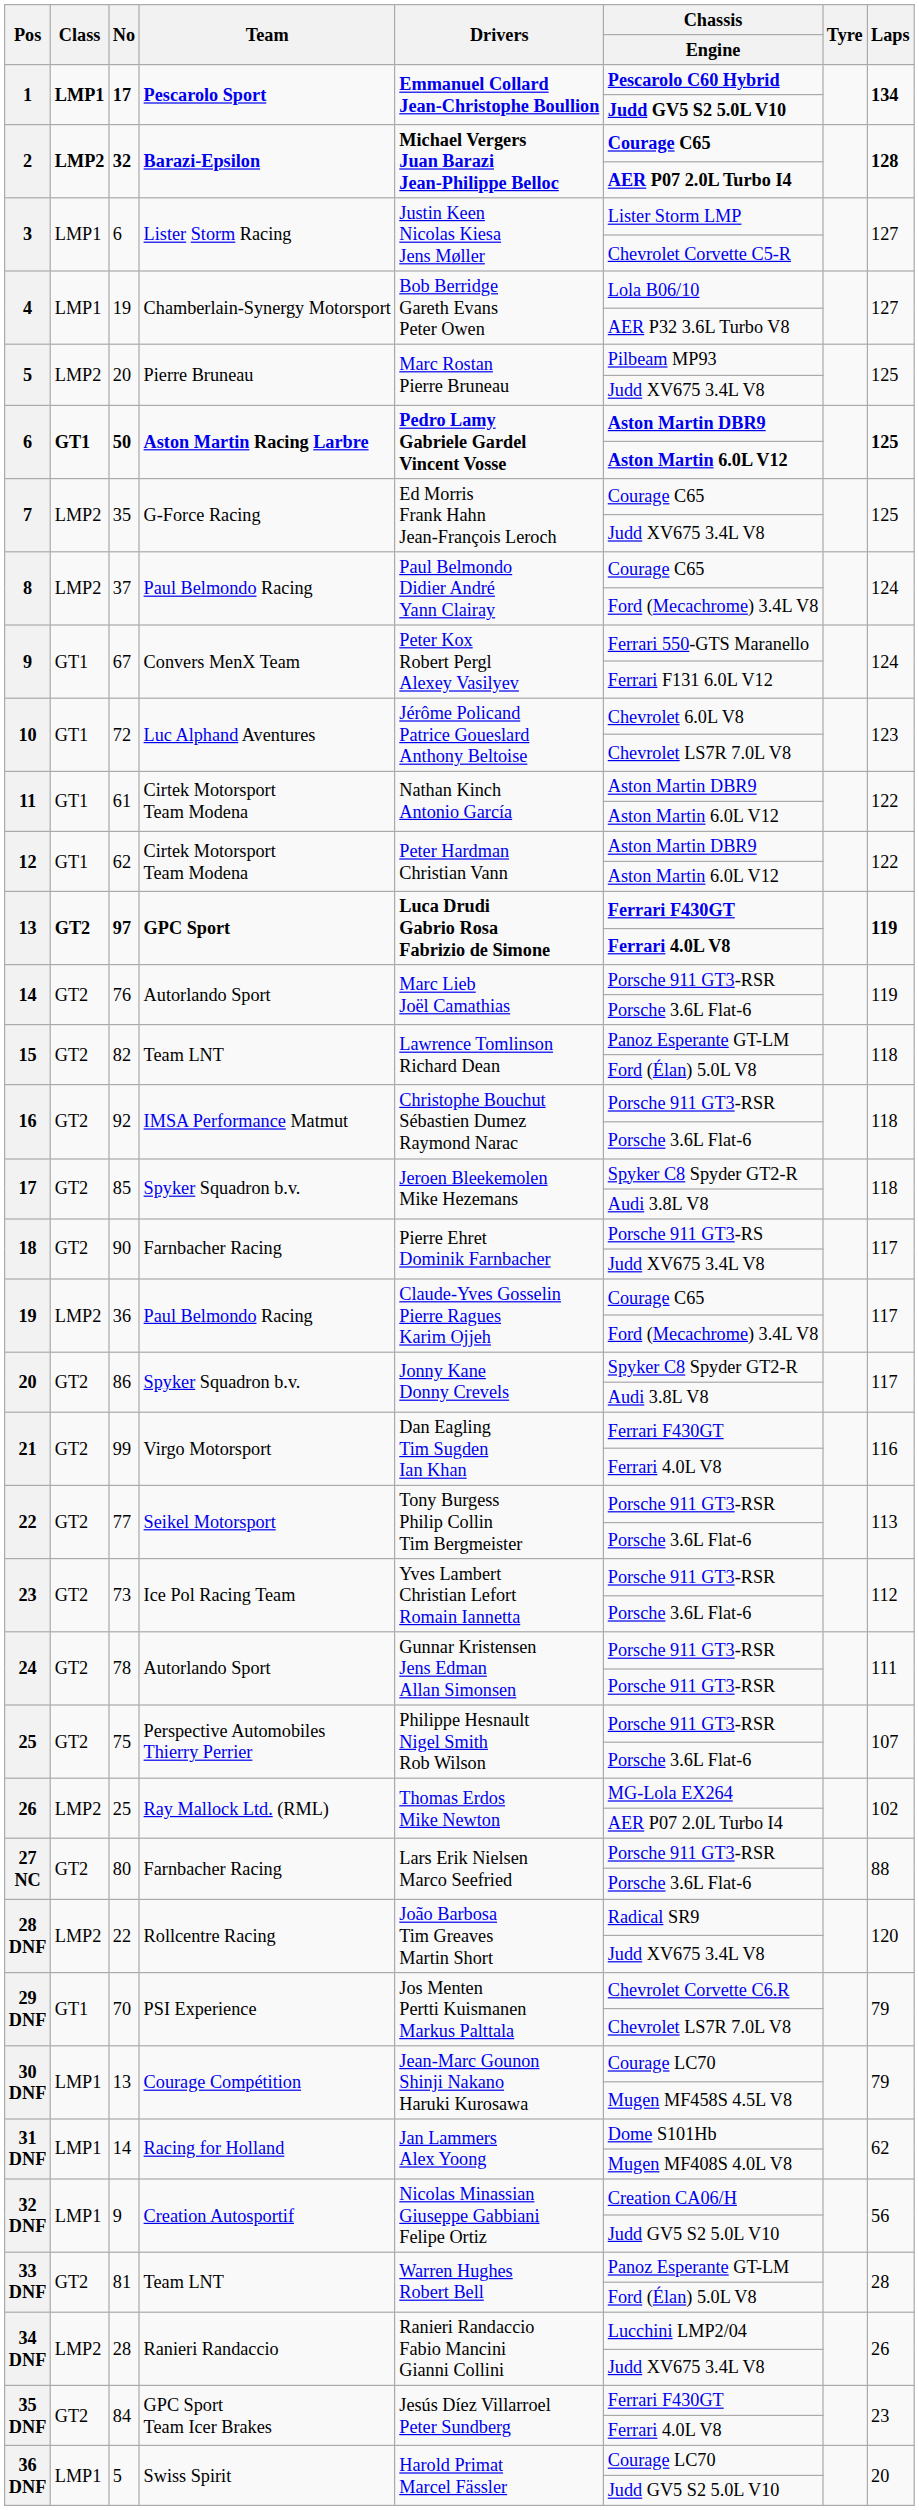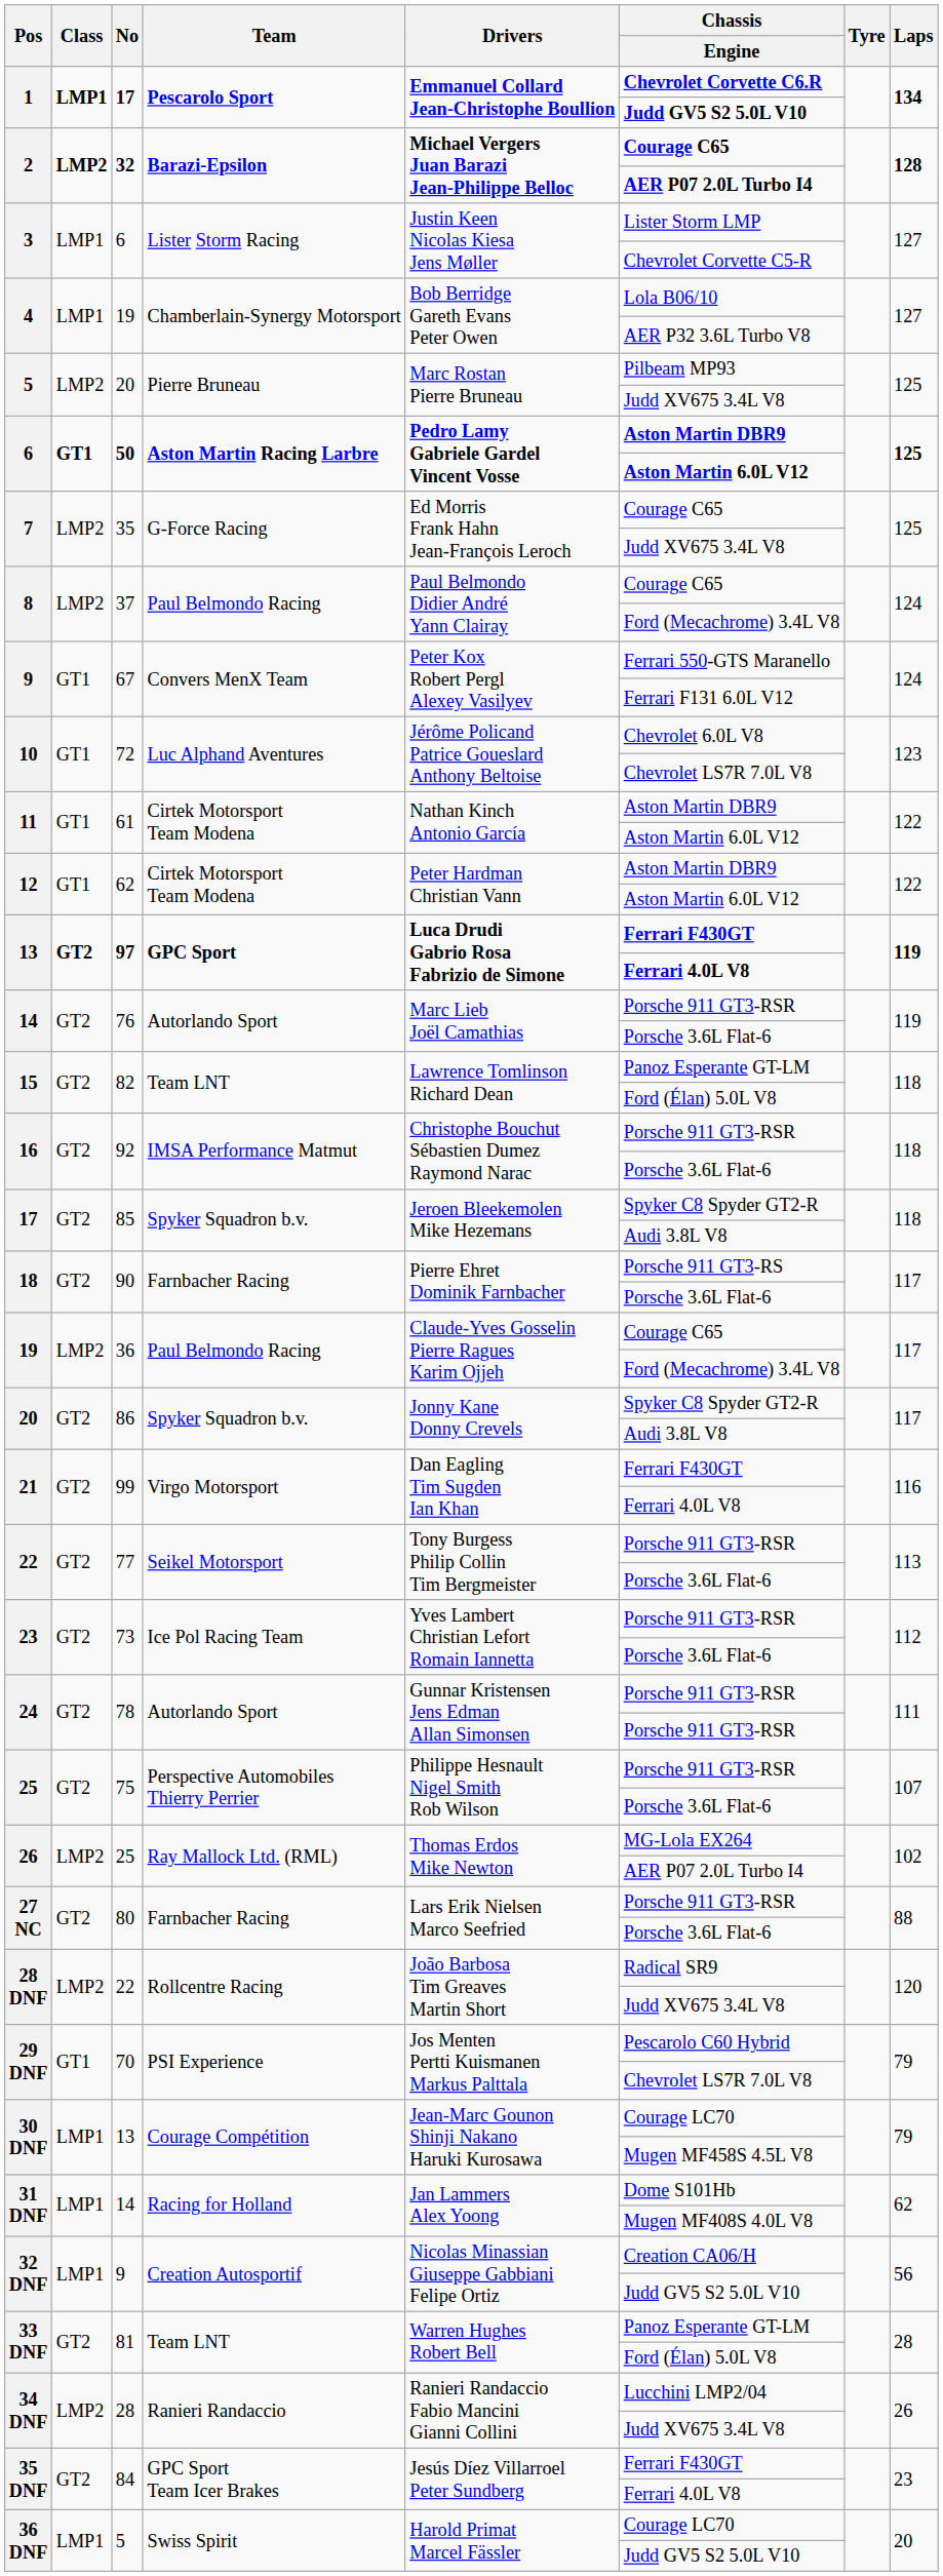 <table class="wikitable" style="font-size: 95%;">
 <tr>
 <th rowspan=2>Pos</th>
 <th rowspan=2>Class</th>
 <th rowspan=2>No</th>
 <th rowspan=2>Team</th>
 <th rowspan=2>Drivers</th>
 <th>Chassis</th>
 <th rowspan=2>Tyre</th>
 <th rowspan=2>Laps</th>
 </tr>
 <tr>
 <th>Engine</th>
 </tr>
 <tr style="font-weight:bold">
 <th rowspan=2>1</th>
 <td rowspan=2>LMP1</td>
 <td rowspan=2>17</td>
 <td rowspan=2> <a href='#'>Pescarolo Sport</a></td>
 <td rowspan=2> <a href='#'>Emmanuel Collard</a><br> <a href='#'>Jean-Christophe Boullion</a></td>
-<td><a href='#'>Pescarolo C60 Hybrid</a></td>
+<td><a href='#'>Chevrolet Corvette C6.R</a></td>
 <td rowspan=2></td>
 <td rowspan=2>134</td>
 </tr>
 <tr style="font-weight:bold">
 <td><a href='#'>Judd</a> GV5 S2 5.0L V10</td>
 </tr>
 <tr style="font-weight:bold">
 <th rowspan=2>2</th>
 <td rowspan=2>LMP2</td>
 <td rowspan=2>32</td>
 <td rowspan=2> <a href='#'>Barazi-Epsilon</a></td>
 <td rowspan=2> Michael Vergers<br> <a href='#'>Juan Barazi</a><br> <a href='#'>Jean-Philippe Belloc</a></td>
 <td><a href='#'>Courage</a> C65</td>
 <td rowspan=2></td>
 <td rowspan=2>128</td>
 </tr>
 <tr style="font-weight:bold">
 <td><a href='#'>AER</a> P07 2.0L Turbo I4</td>
 </tr>
 <tr>
 <th rowspan=2>3</th>
 <td rowspan=2>LMP1</td>
 <td rowspan=2>6</td>
 <td rowspan=2> <a href='#'>Lister</a> <a href='#'>Storm</a> Racing</td>
 <td rowspan=2> <a href='#'>Justin Keen</a><br> <a href='#'>Nicolas Kiesa</a><br> <a href='#'>Jens Møller</a></td>
 <td><a href='#'>Lister Storm LMP</a></td>
 <td rowspan=2></td>
 <td rowspan=2>127</td>
 </tr>
 <tr>
 <td><a href='#'>Chevrolet Corvette C5-R</a></td>
 </tr>
 <tr>
 <th rowspan=2>4</th>
 <td rowspan=2>LMP1</td>
 <td rowspan=2>19</td>
 <td rowspan=2> Chamberlain-Synergy Motorsport</td>
 <td rowspan=2> <a href='#'>Bob Berridge</a><br> Gareth Evans<br> Peter Owen</td>
 <td><a href='#'>Lola B06/10</a></td>
 <td rowspan=2></td>
 <td rowspan=2>127</td>
 </tr>
 <tr>
 <td><a href='#'>AER</a> P32 3.6L Turbo V8</td>
 </tr>
 <tr>
 <th rowspan=2>5</th>
 <td rowspan=2>LMP2</td>
 <td rowspan=2>20</td>
 <td rowspan=2> Pierre Bruneau</td>
 <td rowspan=2> <a href='#'>Marc Rostan</a><br> Pierre Bruneau</td>
 <td><a href='#'>Pilbeam</a> MP93</td>
 <td rowspan=2></td>
 <td rowspan=2>125</td>
 </tr>
 <tr>
 <td><a href='#'>Judd</a> XV675 3.4L V8</td>
 </tr>
 <tr style="font-weight:bold">
 <th rowspan=2>6</th>
 <td rowspan=2>GT1</td>
 <td rowspan=2>50</td>
 <td rowspan=2> <a href='#'>Aston Martin</a> Racing <a href='#'>Larbre</a></td>
 <td rowspan=2> <a href='#'>Pedro Lamy</a><br> Gabriele Gardel<br> Vincent Vosse</td>
 <td><a href='#'>Aston Martin DBR9</a></td>
 <td rowspan=2></td>
 <td rowspan=2>125</td>
 </tr>
 <tr style="font-weight:bold">
 <td><a href='#'>Aston Martin</a> 6.0L V12</td>
 </tr>
 <tr>
 <th rowspan=2>7</th>
 <td rowspan=2>LMP2</td>
 <td rowspan=2>35</td>
 <td rowspan=2> G-Force Racing</td>
 <td rowspan=2> Ed Morris<br> Frank Hahn<br> Jean-François Leroch</td>
 <td><a href='#'>Courage</a> C65</td>
 <td rowspan=2></td>
 <td rowspan=2>125</td>
 </tr>
 <tr>
 <td><a href='#'>Judd</a> XV675 3.4L V8</td>
 </tr>
 <tr>
 <th rowspan=2>8</th>
 <td rowspan=2>LMP2</td>
 <td rowspan=2>37</td>
 <td rowspan=2> <a href='#'>Paul Belmondo</a> Racing</td>
 <td rowspan=2> <a href='#'>Paul Belmondo</a><br> <a href='#'>Didier André</a><br> <a href='#'>Yann Clairay</a></td>
 <td><a href='#'>Courage</a> C65</td>
 <td rowspan=2></td>
 <td rowspan=2>124</td>
 </tr>
 <tr>
 <td><a href='#'>Ford</a> (<a href='#'>Mecachrome</a>) 3.4L V8</td>
 </tr>
 <tr>
 <th rowspan=2>9</th>
 <td rowspan=2>GT1</td>
 <td rowspan=2>67</td>
 <td rowspan=2> Convers MenX Team</td>
 <td rowspan=2> <a href='#'>Peter Kox</a><br> Robert Pergl<br> <a href='#'>Alexey Vasilyev</a></td>
 <td><a href='#'>Ferrari 550</a>-GTS Maranello</td>
 <td rowspan=2></td>
 <td rowspan=2>124</td>
 </tr>
 <tr>
 <td><a href='#'>Ferrari</a> F131 6.0L V12</td>
 </tr>
 <tr>
 <th rowspan=2>10</th>
 <td rowspan=2>GT1</td>
 <td rowspan=2>72</td>
 <td rowspan=2> <a href='#'>Luc Alphand</a> Aventures</td>
 <td rowspan=2> <a href='#'>Jérôme Policand</a><br> <a href='#'>Patrice Goueslard</a><br> <a href='#'>Anthony Beltoise</a></td>
 <td><a href='#'>Chevrolet</a> 6.0L V8</td>
 <td rowspan=2></td>
 <td rowspan=2>123</td>
 </tr>
 <tr>
 <td><a href='#'>Chevrolet</a> LS7R 7.0L V8</td>
 </tr>
 <tr>
 <th rowspan=2>11</th>
 <td rowspan=2>GT1</td>
 <td rowspan=2>61</td>
 <td rowspan=2> Cirtek Motorsport<br> Team Modena</td>
 <td rowspan=2> Nathan Kinch<br> <a href='#'>Antonio García</a></td>
 <td><a href='#'>Aston Martin DBR9</a></td>
 <td rowspan=2></td>
 <td rowspan=2>122</td>
 </tr>
 <tr>
 <td><a href='#'>Aston Martin</a> 6.0L V12</td>
 </tr>
 <tr>
 <th rowspan=2>12</th>
 <td rowspan=2>GT1</td>
 <td rowspan=2>62</td>
 <td rowspan=2> Cirtek Motorsport<br> Team Modena</td>
 <td rowspan=2> <a href='#'>Peter Hardman</a><br> Christian Vann</td>
 <td><a href='#'>Aston Martin DBR9</a></td>
 <td rowspan=2></td>
 <td rowspan=2>122</td>
 </tr>
 <tr>
 <td><a href='#'>Aston Martin</a> 6.0L V12</td>
 </tr>
 <tr style="font-weight:bold">
 <th rowspan=2>13</th>
 <td rowspan=2>GT2</td>
 <td rowspan=2>97</td>
 <td rowspan=2> GPC Sport</td>
 <td rowspan=2> Luca Drudi<br> Gabrio Rosa<br> Fabrizio de Simone</td>
 <td><a href='#'>Ferrari F430GT</a></td>
 <td rowspan=2></td>
 <td rowspan=2>119</td>
 </tr>
 <tr style="font-weight:bold">
 <td><a href='#'>Ferrari</a> 4.0L V8</td>
 </tr>
 <tr>
 <th rowspan=2>14</th>
 <td rowspan=2>GT2</td>
 <td rowspan=2>76</td>
 <td rowspan=2> Autorlando Sport</td>
 <td rowspan=2> <a href='#'>Marc Lieb</a><br> <a href='#'>Joël Camathias</a></td>
 <td><a href='#'>Porsche 911 GT3</a>-RSR</td>
 <td rowspan=2></td>
 <td rowspan=2>119</td>
 </tr>
 <tr>
 <td><a href='#'>Porsche</a> 3.6L Flat-6</td>
 </tr>
 <tr>
 <th rowspan=2>15</th>
 <td rowspan=2>GT2</td>
 <td rowspan=2>82</td>
 <td rowspan=2> Team LNT</td>
 <td rowspan=2> <a href='#'>Lawrence Tomlinson</a><br> Richard Dean</td>
 <td><a href='#'>Panoz Esperante</a> GT-LM</td>
 <td rowspan=2></td>
 <td rowspan=2>118</td>
 </tr>
 <tr>
 <td><a href='#'>Ford</a> (<a href='#'>Élan</a>) 5.0L V8</td>
 </tr>
 <tr>
 <th rowspan=2>16</th>
 <td rowspan=2>GT2</td>
 <td rowspan=2>92</td>
 <td rowspan=2> <a href='#'>IMSA Performance</a> Matmut</td>
 <td rowspan=2> <a href='#'>Christophe Bouchut</a><br> Sébastien Dumez<br> Raymond Narac</td>
 <td><a href='#'>Porsche 911 GT3</a>-RSR</td>
 <td rowspan=2></td>
 <td rowspan=2>118</td>
 </tr>
 <tr>
 <td><a href='#'>Porsche</a> 3.6L Flat-6</td>
 </tr>
 <tr>
 <th rowspan=2>17</th>
 <td rowspan=2>GT2</td>
 <td rowspan=2>85</td>
 <td rowspan=2> <a href='#'>Spyker</a> Squadron b.v.</td>
 <td rowspan=2> <a href='#'>Jeroen Bleekemolen</a><br> Mike Hezemans</td>
 <td><a href='#'>Spyker C8</a> Spyder GT2-R</td>
 <td rowspan=2></td>
 <td rowspan=2>118</td>
 </tr>
 <tr>
 <td><a href='#'>Audi</a> 3.8L V8</td>
 </tr>
 <tr>
 <th rowspan=2>18</th>
 <td rowspan=2>GT2</td>
 <td rowspan=2>90</td>
 <td rowspan=2> Farnbacher Racing</td>
 <td rowspan=2> Pierre Ehret<br> <a href='#'>Dominik Farnbacher</a></td>
 <td><a href='#'>Porsche 911 GT3</a>-RS</td>
 <td rowspan=2></td>
 <td rowspan=2>117</td>
 </tr>
 <tr>
-<td><a href='#'>Judd</a> XV675 3.4L V8</td>
+<td><a href='#'>Porsche</a> 3.6L Flat-6</td>
 </tr>
 <tr>
 <th rowspan=2>19</th>
 <td rowspan=2>LMP2</td>
 <td rowspan=2>36</td>
 <td rowspan=2> <a href='#'>Paul Belmondo</a> Racing</td>
 <td rowspan=2> <a href='#'>Claude-Yves Gosselin</a><br> <a href='#'>Pierre Ragues</a><br> <a href='#'>Karim Ojjeh</a></td>
 <td><a href='#'>Courage</a> C65</td>
 <td rowspan=2></td>
 <td rowspan=2>117</td>
 </tr>
 <tr>
 <td><a href='#'>Ford</a> (<a href='#'>Mecachrome</a>) 3.4L V8</td>
 </tr>
 <tr>
 <th rowspan=2>20</th>
 <td rowspan=2>GT2</td>
 <td rowspan=2>86</td>
 <td rowspan=2> <a href='#'>Spyker</a> Squadron b.v.</td>
 <td rowspan=2> <a href='#'>Jonny Kane</a><br> <a href='#'>Donny Crevels</a></td>
 <td><a href='#'>Spyker C8</a> Spyder GT2-R</td>
 <td rowspan=2></td>
 <td rowspan=2>117</td>
 </tr>
 <tr>
 <td><a href='#'>Audi</a> 3.8L V8</td>
 </tr>
 <tr>
 <th rowspan=2>21</th>
 <td rowspan=2>GT2</td>
 <td rowspan=2>99</td>
 <td rowspan=2> Virgo Motorsport</td>
 <td rowspan=2> Dan Eagling<br> <a href='#'>Tim Sugden</a><br> <a href='#'>Ian Khan</a></td>
 <td><a href='#'>Ferrari F430GT</a></td>
 <td rowspan=2></td>
 <td rowspan=2>116</td>
 </tr>
 <tr>
 <td><a href='#'>Ferrari</a> 4.0L V8</td>
 </tr>
 <tr>
 <th rowspan=2>22</th>
 <td rowspan=2>GT2</td>
 <td rowspan=2>77</td>
 <td rowspan=2> <a href='#'>Seikel Motorsport</a></td>
 <td rowspan=2> Tony Burgess<br> Philip Collin<br> Tim Bergmeister</td>
 <td><a href='#'>Porsche 911 GT3</a>-RSR</td>
 <td rowspan=2></td>
 <td rowspan=2>113</td>
 </tr>
 <tr>
 <td><a href='#'>Porsche</a> 3.6L Flat-6</td>
 </tr>
 <tr>
 <th rowspan=2>23</th>
 <td rowspan=2>GT2</td>
 <td rowspan=2>73</td>
 <td rowspan=2> Ice Pol Racing Team</td>
 <td rowspan=2> Yves Lambert<br> Christian Lefort<br> <a href='#'>Romain Iannetta</a></td>
 <td><a href='#'>Porsche 911 GT3</a>-RSR</td>
 <td rowspan=2></td>
 <td rowspan=2>112</td>
 </tr>
 <tr>
 <td><a href='#'>Porsche</a> 3.6L Flat-6</td>
 </tr>
 <tr>
 <th rowspan=2>24</th>
 <td rowspan=2>GT2</td>
 <td rowspan=2>78</td>
 <td rowspan=2> Autorlando Sport</td>
 <td rowspan=2> Gunnar Kristensen<br> <a href='#'>Jens Edman</a><br> <a href='#'>Allan Simonsen</a></td>
 <td><a href='#'>Porsche 911 GT3</a>-RSR</td>
 <td rowspan=2></td>
 <td rowspan=2>111</td>
 </tr>
 <tr>
 <td><a href='#'>Porsche 911 GT3</a>-RSR</td>
 </tr>
 <tr>
 <th rowspan=2>25</th>
 <td rowspan=2>GT2</td>
 <td rowspan=2>75</td>
 <td rowspan=2> Perspective Automobiles<br> <a href='#'>Thierry Perrier</a></td>
 <td rowspan=2> Philippe Hesnault<br> <a href='#'>Nigel Smith</a><br> Rob Wilson</td>
 <td><a href='#'>Porsche 911 GT3</a>-RSR</td>
 <td rowspan=2></td>
 <td rowspan=2>107</td>
 </tr>
 <tr>
 <td><a href='#'>Porsche</a> 3.6L Flat-6</td>
 </tr>
 <tr>
 <th rowspan=2>26</th>
 <td rowspan=2>LMP2</td>
 <td rowspan=2>25</td>
 <td rowspan=2> <a href='#'>Ray Mallock Ltd.</a> (RML)</td>
 <td rowspan=2> <a href='#'>Thomas Erdos</a><br> <a href='#'>Mike Newton</a></td>
 <td><a href='#'>MG-Lola EX264</a></td>
 <td rowspan=2></td>
 <td rowspan=2>102</td>
 </tr>
 <tr>
 <td><a href='#'>AER</a> P07 2.0L Turbo I4</td>
 </tr>
 <tr>
 <th rowspan=2>27<br>NC</th>
 <td rowspan=2>GT2</td>
 <td rowspan=2>80</td>
 <td rowspan=2> Farnbacher Racing</td>
 <td rowspan=2> Lars Erik Nielsen<br> Marco Seefried</td>
 <td><a href='#'>Porsche 911 GT3</a>-RSR</td>
 <td rowspan=2></td>
 <td rowspan=2>88</td>
 </tr>
 <tr>
 <td><a href='#'>Porsche</a> 3.6L Flat-6</td>
 </tr>
 <tr>
 <th rowspan=2>28<br>DNF</th>
 <td rowspan=2>LMP2</td>
 <td rowspan=2>22</td>
 <td rowspan=2> Rollcentre Racing</td>
 <td rowspan=2> <a href='#'>João Barbosa</a><br> Tim Greaves<br> Martin Short</td>
 <td><a href='#'>Radical</a> SR9</td>
 <td rowspan=2></td>
 <td rowspan=2>120</td>
 </tr>
 <tr>
 <td><a href='#'>Judd</a> XV675 3.4L V8</td>
 </tr>
 <tr>
 <th rowspan=2>29<br>DNF</th>
 <td rowspan=2>GT1</td>
 <td rowspan=2>70</td>
 <td rowspan=2> PSI Experience</td>
 <td rowspan=2> Jos Menten<br> Pertti Kuismanen<br> <a href='#'>Markus Palttala</a></td>
-<td><a href='#'>Chevrolet Corvette C6.R</a></td>
+<td><a href='#'>Pescarolo C60 Hybrid</a></td>
 <td rowspan=2></td>
 <td rowspan=2>79</td>
 </tr>
 <tr>
 <td><a href='#'>Chevrolet</a> LS7R 7.0L V8</td>
 </tr>
 <tr>
 <th rowspan=2>30<br>DNF</th>
 <td rowspan=2>LMP1</td>
 <td rowspan=2>13</td>
 <td rowspan=2> <a href='#'>Courage Compétition</a></td>
 <td rowspan=2> <a href='#'>Jean-Marc Gounon</a><br> <a href='#'>Shinji Nakano</a><br> Haruki Kurosawa</td>
 <td><a href='#'>Courage</a> LC70</td>
 <td rowspan=2></td>
 <td rowspan=2>79</td>
 </tr>
 <tr>
 <td><a href='#'>Mugen</a> MF458S 4.5L V8</td>
 </tr>
 <tr>
 <th rowspan=2>31<br>DNF</th>
 <td rowspan=2>LMP1</td>
 <td rowspan=2>14</td>
 <td rowspan=2> <a href='#'>Racing for Holland</a></td>
 <td rowspan=2> <a href='#'>Jan Lammers</a><br> <a href='#'>Alex Yoong</a></td>
 <td><a href='#'>Dome</a> S101Hb</td>
 <td rowspan=2></td>
 <td rowspan=2>62</td>
 </tr>
 <tr>
 <td><a href='#'>Mugen</a> MF408S 4.0L V8</td>
 </tr>
 <tr>
 <th rowspan=2>32<br>DNF</th>
 <td rowspan=2>LMP1</td>
 <td rowspan=2>9</td>
 <td rowspan=2> <a href='#'>Creation Autosportif</a></td>
 <td rowspan=2> <a href='#'>Nicolas Minassian</a><br> <a href='#'>Giuseppe Gabbiani</a><br> Felipe Ortiz</td>
 <td><a href='#'>Creation CA06/H</a></td>
 <td rowspan=2></td>
 <td rowspan=2>56</td>
 </tr>
 <tr>
 <td><a href='#'>Judd</a> GV5 S2 5.0L V10</td>
 </tr>
 <tr>
 <th rowspan=2>33<br>DNF</th>
 <td rowspan=2>GT2</td>
 <td rowspan=2>81</td>
 <td rowspan=2> Team LNT</td>
 <td rowspan=2> <a href='#'>Warren Hughes</a><br> <a href='#'>Robert Bell</a></td>
 <td><a href='#'>Panoz Esperante</a> GT-LM</td>
 <td rowspan=2></td>
 <td rowspan=2>28</td>
 </tr>
 <tr>
 <td><a href='#'>Ford</a> (<a href='#'>Élan</a>) 5.0L V8</td>
 </tr>
 <tr>
 <th rowspan=2>34<br>DNF</th>
 <td rowspan=2>LMP2</td>
 <td rowspan=2>28</td>
 <td rowspan=2> Ranieri Randaccio</td>
 <td rowspan=2> Ranieri Randaccio<br> Fabio Mancini<br> Gianni Collini</td>
 <td><a href='#'>Lucchini</a> LMP2/04</td>
 <td rowspan=2></td>
 <td rowspan=2>26</td>
 </tr>
 <tr>
 <td><a href='#'>Judd</a> XV675 3.4L V8</td>
 </tr>
 <tr>
 <th rowspan=2>35<br>DNF</th>
 <td rowspan=2>GT2</td>
 <td rowspan=2>84</td>
 <td rowspan=2> GPC Sport<br> Team Icer Brakes</td>
 <td rowspan=2> Jesús Díez Villarroel<br> <a href='#'>Peter Sundberg</a></td>
 <td><a href='#'>Ferrari F430GT</a></td>
 <td rowspan=2></td>
 <td rowspan=2>23</td>
 </tr>
 <tr>
 <td><a href='#'>Ferrari</a> 4.0L V8</td>
 </tr>
 <tr>
 <th rowspan=2>36<br>DNF</th>
 <td rowspan=2>LMP1</td>
 <td rowspan=2>5</td>
 <td rowspan=2> Swiss Spirit</td>
 <td rowspan=2> <a href='#'>Harold Primat</a><br> <a href='#'>Marcel Fässler</a></td>
 <td><a href='#'>Courage</a> LC70</td>
 <td rowspan=2></td>
 <td rowspan=2>20</td>
 </tr>
 <tr>
 <td><a href='#'>Judd</a> GV5 S2 5.0L V10</td>
 </tr>
 </table>
